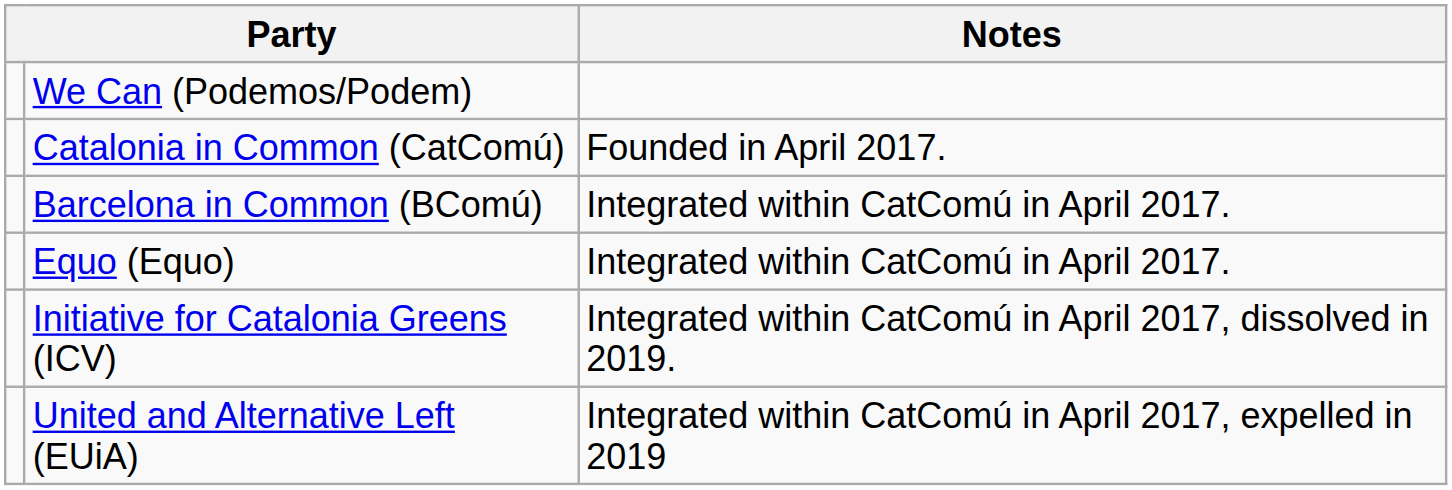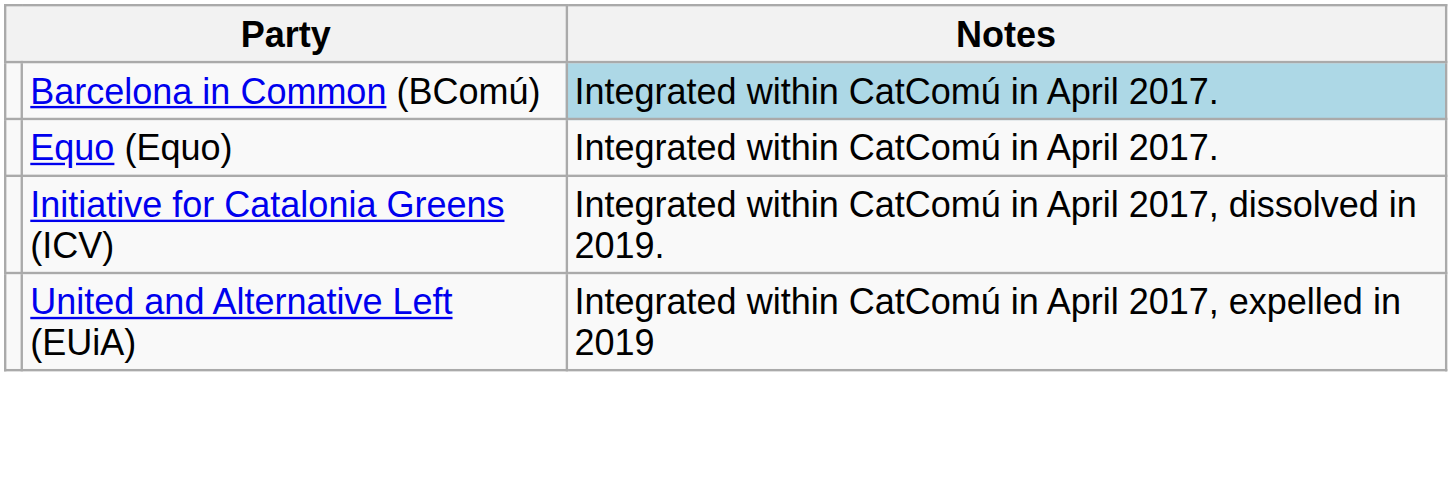 <table class="wikitable" style="text-align:left; font-size:95%;">
 <tr>
 <th colspan="2">Party</th>
 <th>Notes</th>
 </tr>
 <tr>
-<td width="1"></td>
-<td><a href='#'>We Can</a> (Podemos/Podem)</td>
-<td></td>
-</tr>
-<tr>
-<td></td>
-<td><a href='#'>Catalonia in Common</a> (CatComú)</td>
-<td>Founded in April 2017.</td>
-</tr>
-<tr>
 <td></td>
 <td><a href='#'>Barcelona in Common</a> (BComú)</td>
-<td>Integrated within CatComú in April 2017.</td>
+<td style="background: lightblue;">Integrated within CatComú in April 2017.</td>
 </tr>
 <tr>
 <td></td>
 <td><a href='#'>Equo</a> (Equo)</td>
 <td>Integrated within CatComú in April 2017.</td>
 </tr>
 <tr>
 <td></td>
 <td><a href='#'>Initiative for Catalonia Greens</a> (ICV)</td>
 <td>Integrated within CatComú in April 2017, dissolved in 2019.</td>
 </tr>
 <tr>
 <td></td>
 <td><a href='#'>United and Alternative Left</a> (EUiA)</td>
 <td>Integrated within CatComú in April 2017, expelled in 2019</td>
 </tr>
 </table>
